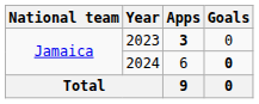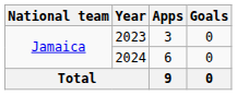 <table class="wikitable" style="text-align: center;">
 <tr>
 <th>National team</th>
 <th>Year</th>
 <th>Apps</th>
 <th>Goals</th>
 </tr>
 <tr>
 <td rowspan="2"><a href='#'>Jamaica</a></td>
 <td>2023</td>
-<td><strong>3</strong></td>
+<td>3</td>
 <td>0</td>
 </tr>
 <tr>
 <td>2024</td>
 <td>6</td>
-<td><strong>0</strong></td>
+<td>0</td>
 </tr>
 <tr>
 <th colspan="2">Total</th>
 <th>9</th>
 <th>0</th>
 </tr>
 </table>
